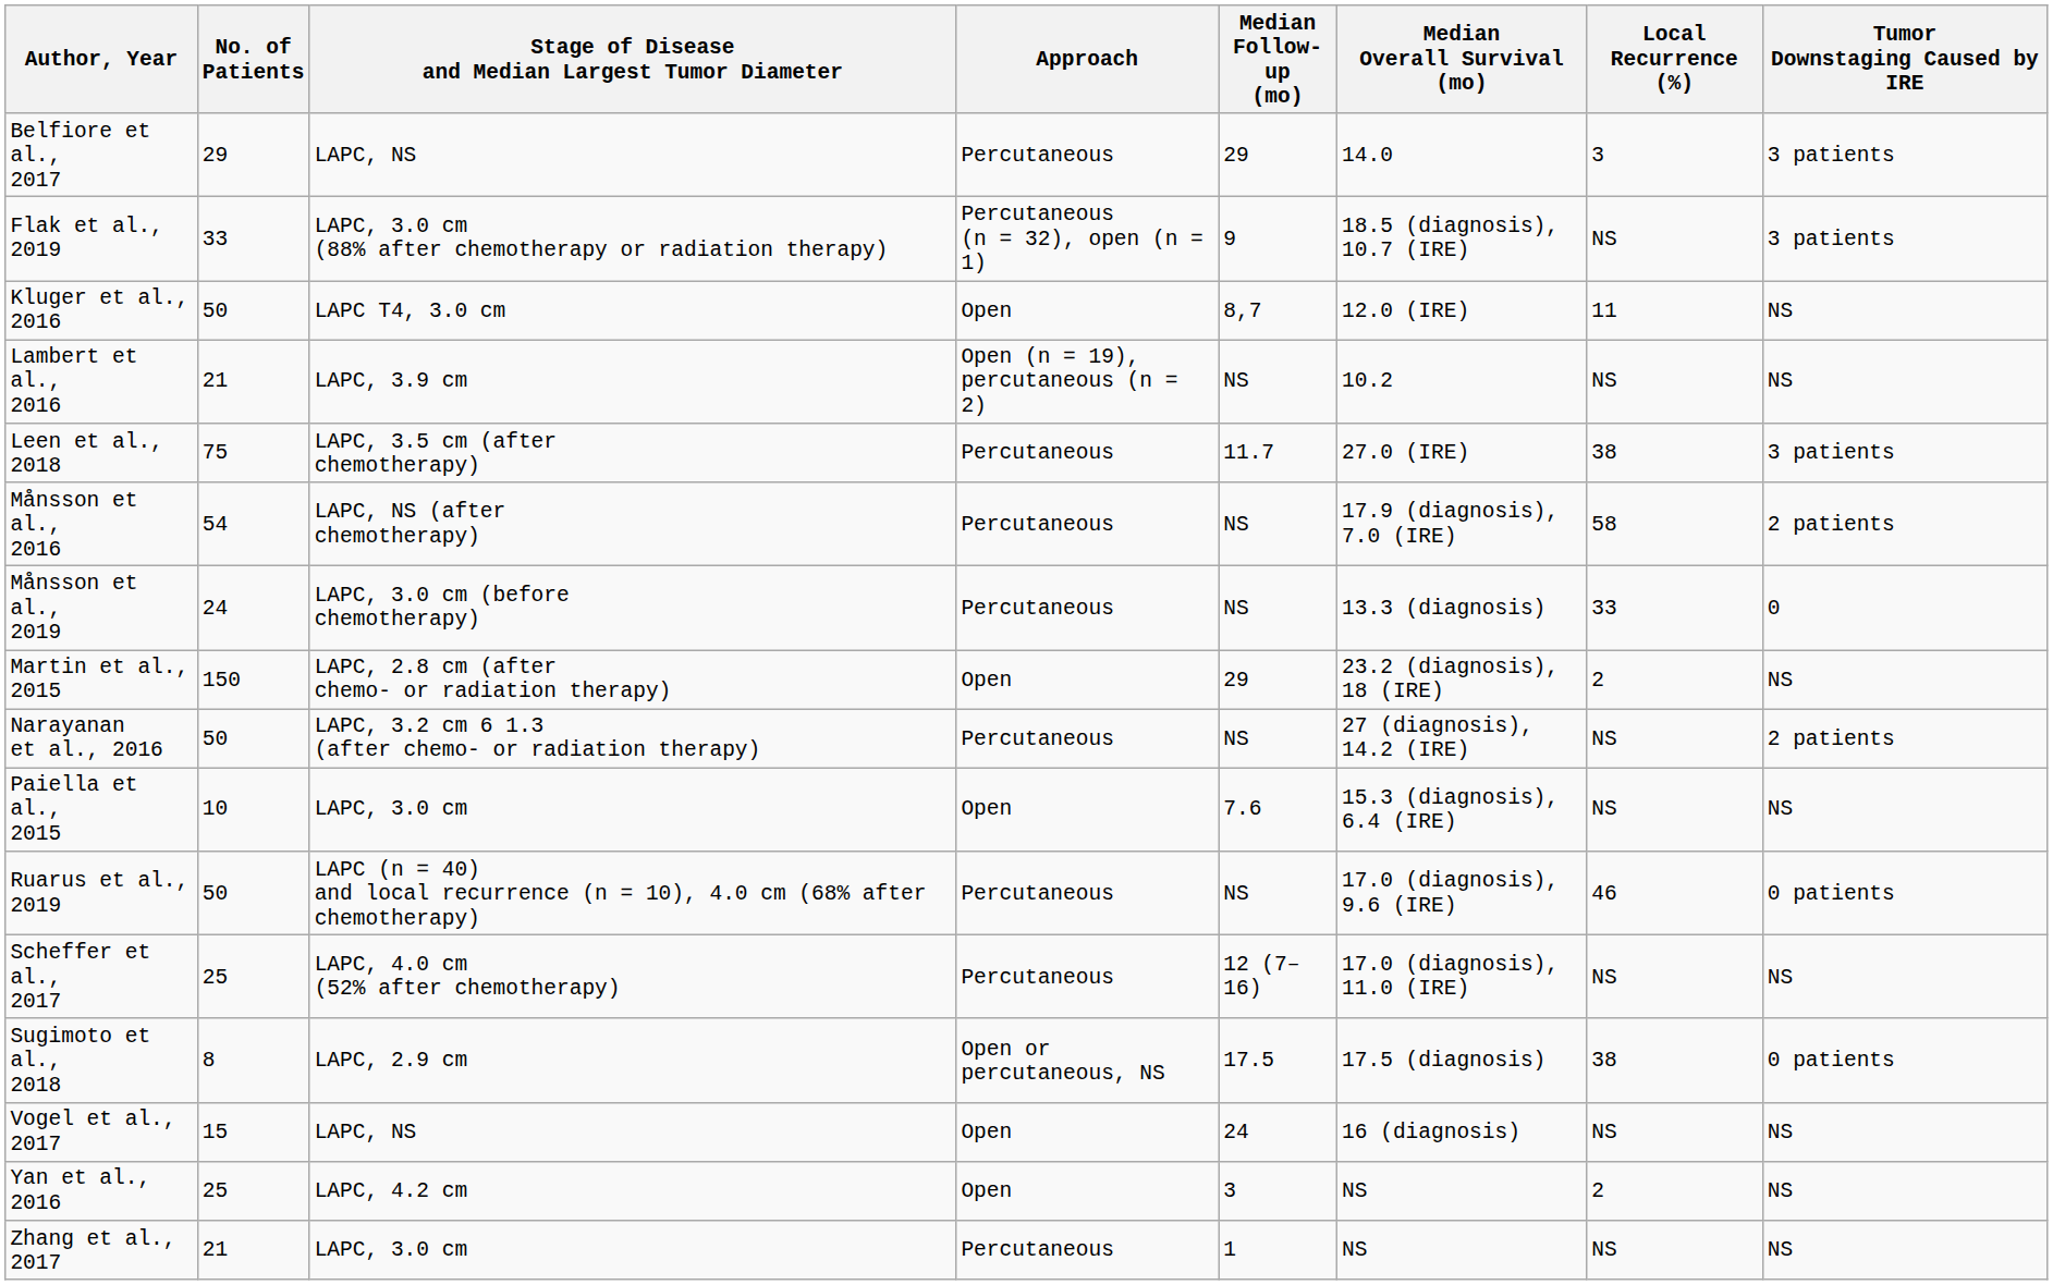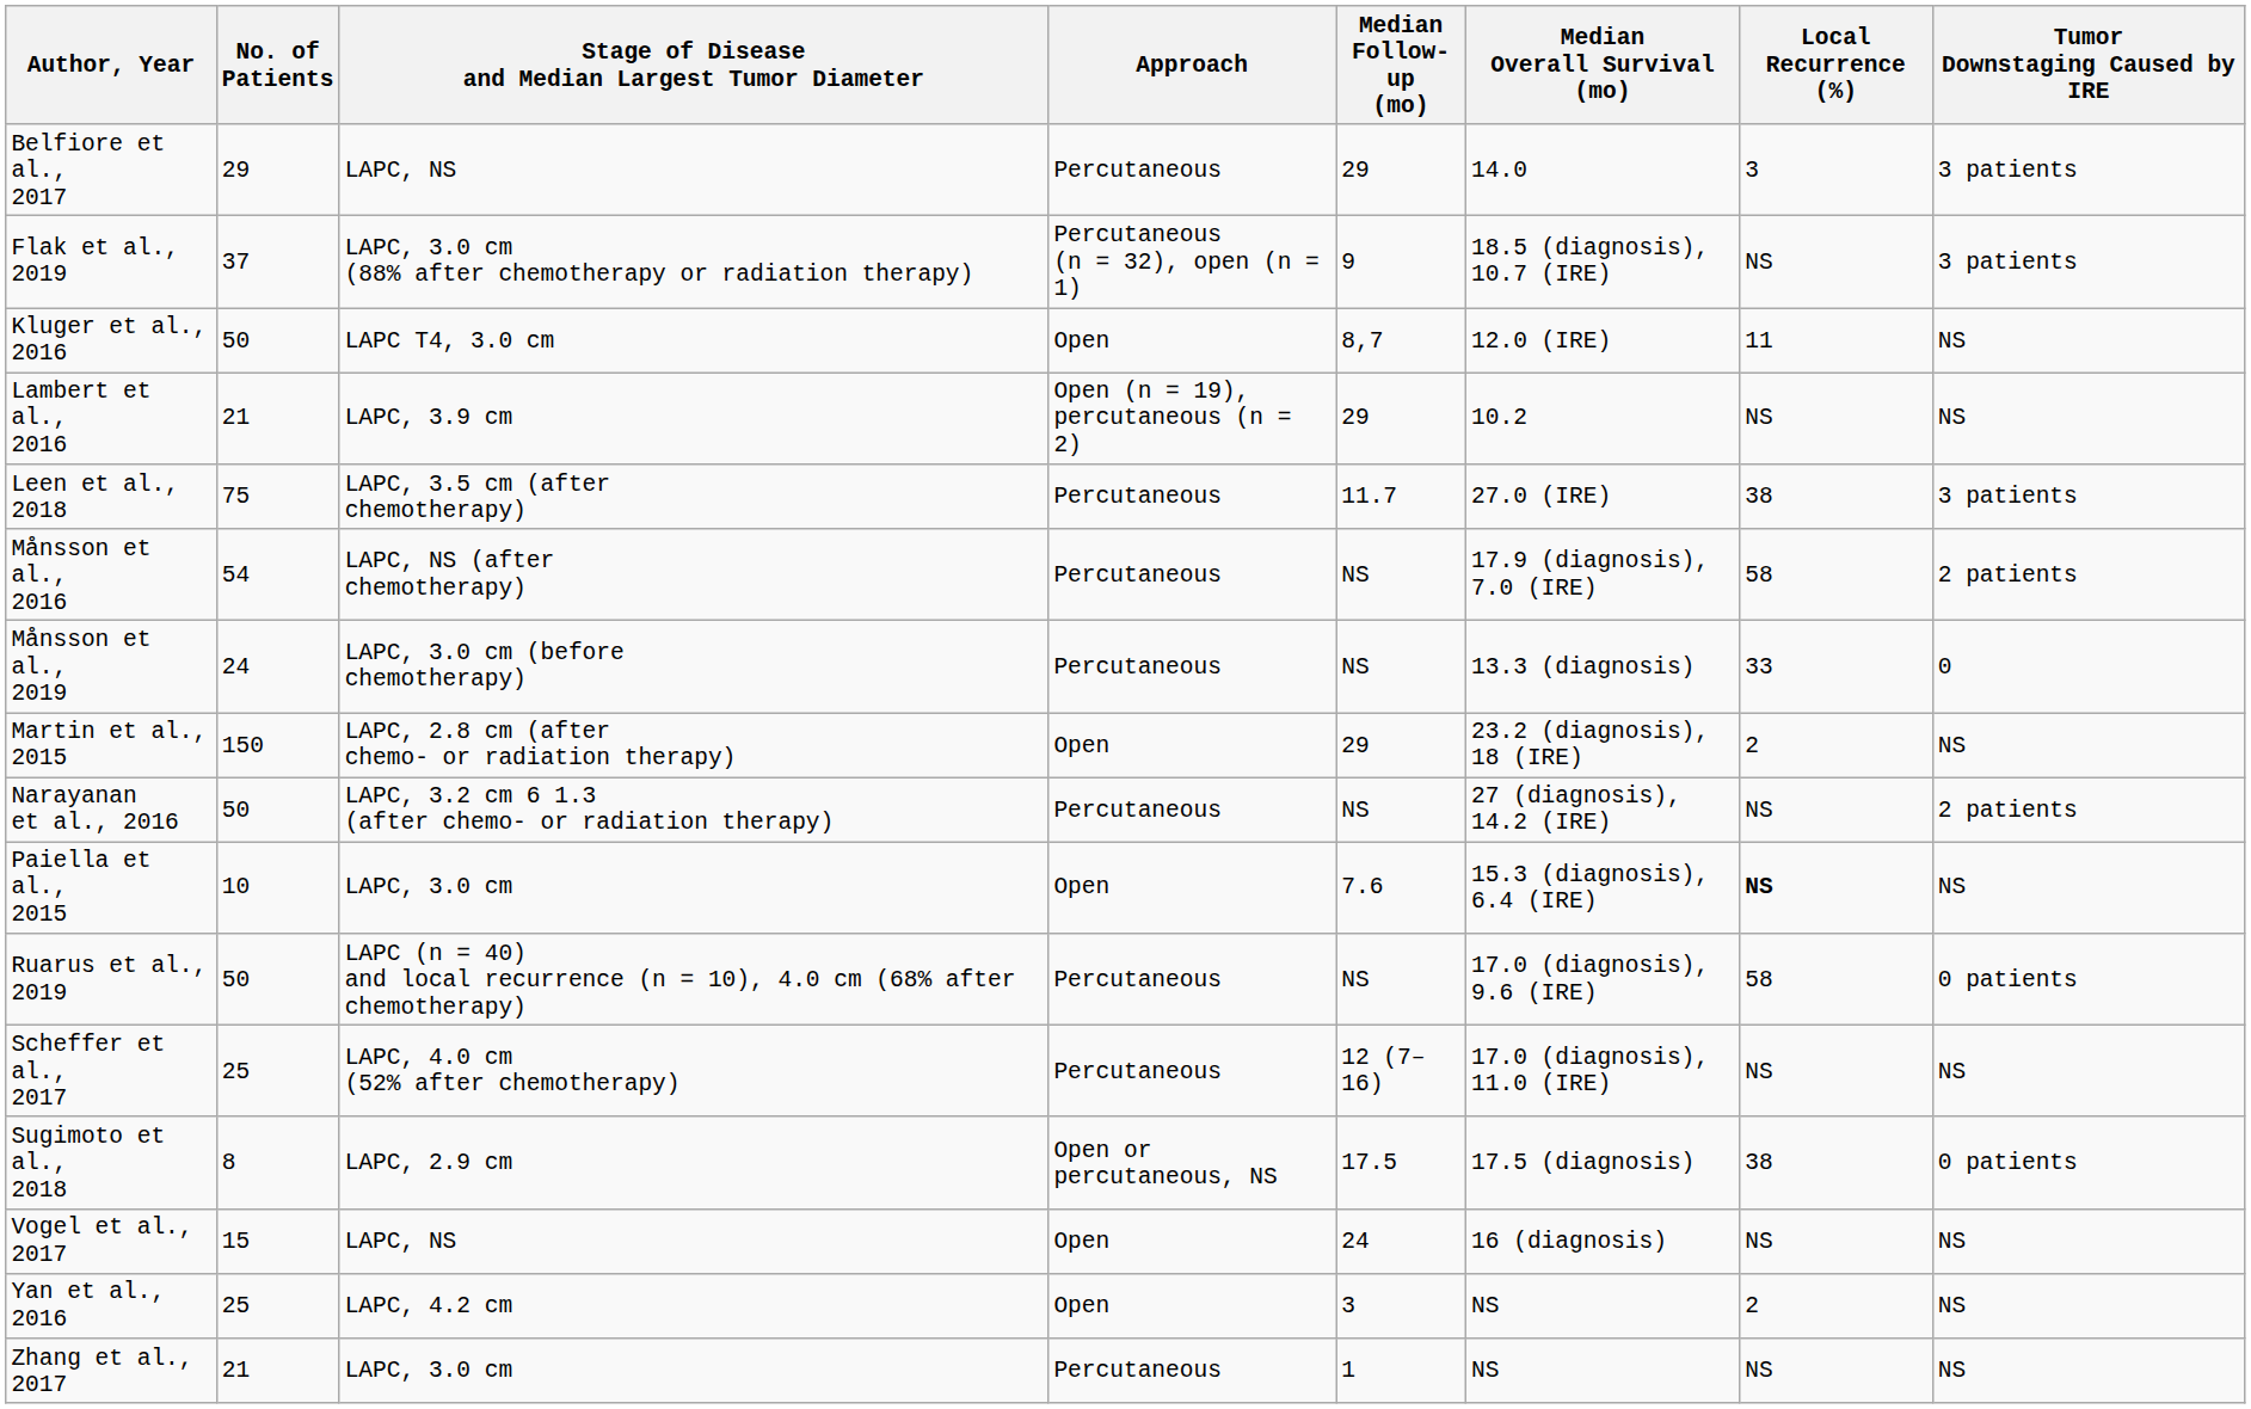 <table class="wikitable">
 <tr>
 <th>Author, Year</th>
 <th>No. of<br>Patients</th>
 <th>Stage of Disease<br>and Median Largest Tumor Diameter</th>
 <th>Approach</th>
 <th>Median<br>Follow-up<br>(mo)</th>
 <th>Median<br>Overall Survival (mo)</th>
 <th>Local<br>Recurrence (%)</th>
 <th>Tumor<br>Downstaging Caused by IRE</th>
 </tr>
 <tr>
 <td>Belfiore et al.,<br>2017</td>
 <td>29</td>
 <td>LAPC, NS</td>
 <td>Percutaneous</td>
 <td>29</td>
 <td>14.0</td>
 <td>3</td>
 <td>3 patients</td>
 </tr>
 <tr>
 <td>Flak et al.,<br>2019</td>
-<td>33</td>
+<td>37</td>
 <td>LAPC, 3.0 cm<br>(88% after chemotherapy or radiation therapy)</td>
 <td>Percutaneous<br>(n = 32), open (n = 1)</td>
 <td>9</td>
 <td>18.5 (diagnosis),<br>10.7 (IRE)</td>
 <td>NS</td>
 <td>3 patients</td>
 </tr>
 <tr>
 <td>Kluger et al.,<br>2016</td>
 <td>50</td>
 <td>LAPC T4, 3.0 cm</td>
 <td>Open</td>
 <td>8,7</td>
 <td>12.0 (IRE)</td>
 <td>11</td>
 <td>NS</td>
 </tr>
 <tr>
 <td>Lambert et al.,<br>2016</td>
 <td>21</td>
 <td>LAPC, 3.9 cm</td>
 <td>Open (n = 19),<br>percutaneous (n = 2)</td>
-<td>NS</td>
+<td>29</td>
 <td>10.2</td>
 <td>NS</td>
 <td>NS</td>
 </tr>
 <tr>
 <td>Leen et al.,<br>2018</td>
 <td>75</td>
 <td>LAPC, 3.5 cm (after<br>chemotherapy)</td>
 <td>Percutaneous</td>
 <td>11.7</td>
 <td>27.0 (IRE)</td>
 <td>38</td>
 <td>3 patients</td>
 </tr>
 <tr>
 <td>Månsson et al.,<br>2016</td>
 <td>54</td>
 <td>LAPC, NS (after<br>chemotherapy)</td>
 <td>Percutaneous</td>
 <td>NS</td>
 <td>17.9 (diagnosis),<br>7.0 (IRE)</td>
 <td>58</td>
 <td>2 patients</td>
 </tr>
 <tr>
 <td>Månsson et al.,<br>2019</td>
 <td>24</td>
 <td>LAPC, 3.0 cm (before<br>chemotherapy)</td>
 <td>Percutaneous</td>
 <td>NS</td>
 <td>13.3 (diagnosis)</td>
 <td>33</td>
 <td>0</td>
 </tr>
 <tr>
 <td>Martin et al.,<br>2015</td>
 <td>150</td>
 <td>LAPC, 2.8 cm (after<br>chemo- or radiation therapy)</td>
 <td>Open</td>
 <td>29</td>
 <td>23.2 (diagnosis),<br>18 (IRE)</td>
 <td>2</td>
 <td>NS</td>
 </tr>
 <tr>
 <td>Narayanan<br>et al., 2016</td>
 <td>50</td>
 <td>LAPC, 3.2 cm 6 1.3<br>(after chemo- or radiation therapy)</td>
 <td>Percutaneous</td>
 <td>NS</td>
 <td>27 (diagnosis),<br>14.2 (IRE)</td>
 <td>NS</td>
 <td>2 patients</td>
 </tr>
 <tr>
 <td>Paiella et al.,<br>2015</td>
 <td>10</td>
 <td>LAPC, 3.0 cm</td>
 <td>Open</td>
 <td>7.6</td>
 <td>15.3 (diagnosis),<br>6.4 (IRE)</td>
-<td>NS</td>
+<td><strong>NS</strong></td>
 <td>NS</td>
 </tr>
 <tr>
 <td>Ruarus et al.,<br>2019</td>
 <td>50</td>
 <td>LAPC (n = 40)<br>and local recurrence (n = 10), 4.0 cm (68% after chemotherapy)</td>
 <td>Percutaneous</td>
 <td>NS</td>
 <td>17.0 (diagnosis),<br>9.6 (IRE)</td>
-<td>46</td>
+<td>58</td>
 <td>0 patients</td>
 </tr>
 <tr>
 <td>Scheffer et al.,<br>2017</td>
 <td>25</td>
 <td>LAPC, 4.0 cm<br>(52% after chemotherapy)</td>
 <td>Percutaneous</td>
 <td>12 (7–16)</td>
 <td>17.0 (diagnosis),<br>11.0 (IRE)</td>
 <td>NS</td>
 <td>NS</td>
 </tr>
 <tr>
 <td>Sugimoto et al.,<br>2018</td>
 <td>8</td>
 <td>LAPC, 2.9 cm</td>
 <td>Open or<br>percutaneous, NS</td>
 <td>17.5</td>
 <td>17.5 (diagnosis)</td>
 <td>38</td>
 <td>0 patients</td>
 </tr>
 <tr>
 <td>Vogel et al.,<br>2017</td>
 <td>15</td>
 <td>LAPC, NS</td>
 <td>Open</td>
 <td>24</td>
 <td>16 (diagnosis)</td>
 <td>NS</td>
 <td>NS</td>
 </tr>
 <tr>
 <td>Yan et al.,<br>2016</td>
 <td>25</td>
 <td>LAPC, 4.2 cm</td>
 <td>Open</td>
 <td>3</td>
 <td>NS</td>
 <td>2</td>
 <td>NS</td>
 </tr>
 <tr>
 <td>Zhang et al.,<br>2017</td>
 <td>21</td>
 <td>LAPC, 3.0 cm</td>
 <td>Percutaneous</td>
 <td>1</td>
 <td>NS</td>
 <td>NS</td>
 <td>NS</td>
 </tr>
 </table>
